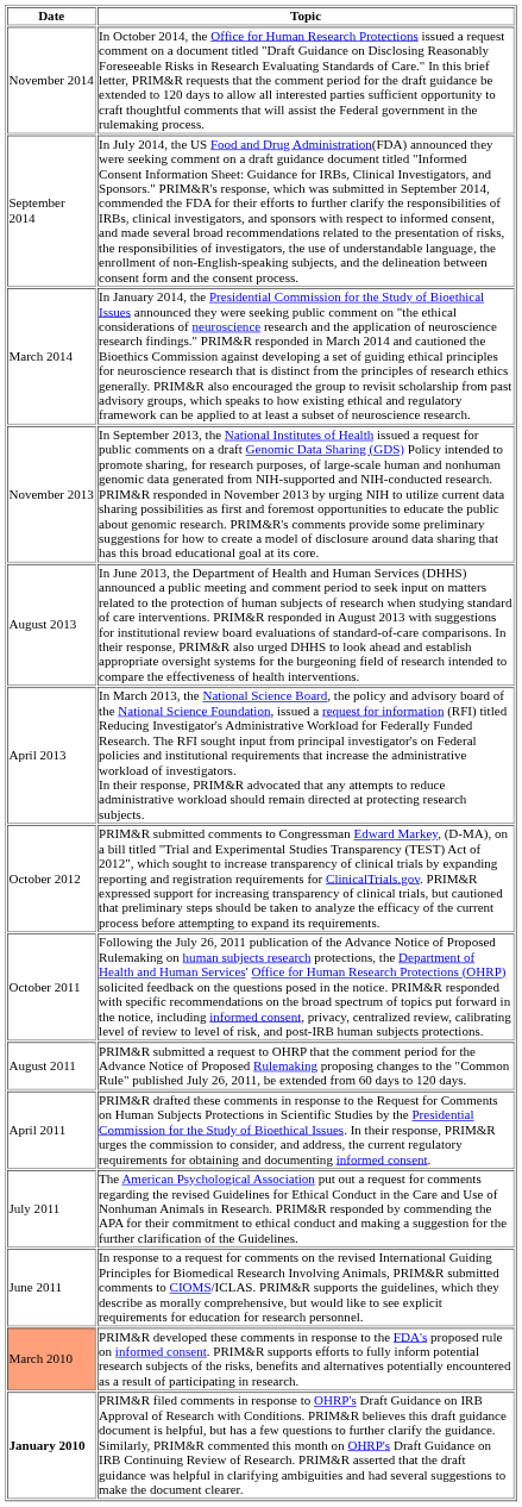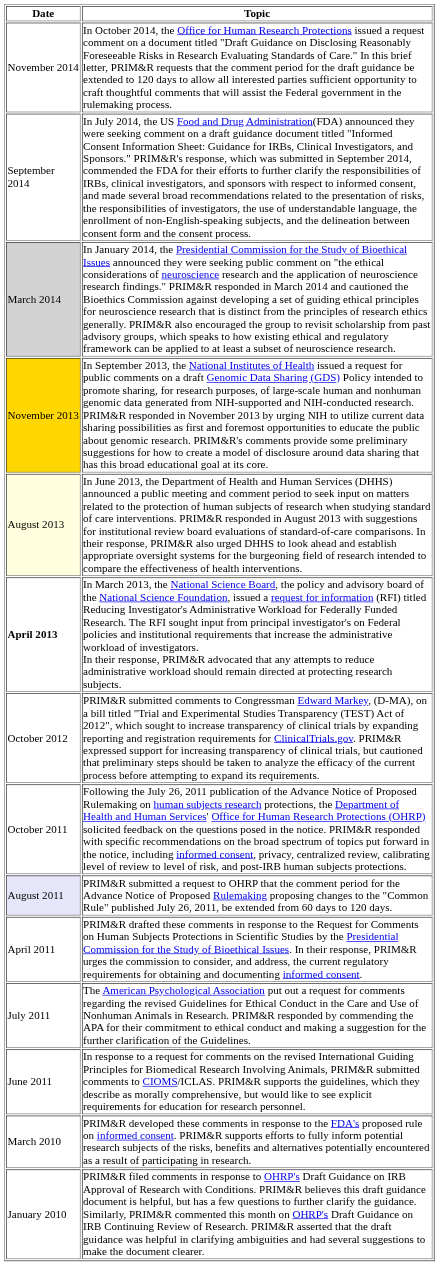 <table "class=wikitable sortable" border="1">
 <tr>
 <th scope="col">Date</th>
 <th scope="col">Topic</th>
 </tr>
 <tr>
 <td style=white-space:nowrap>November 2014</td>
 <td>In October 2014, the <a href='#'>Office for Human Research Protections</a> issued a request comment on a document titled "Draft Guidance on Disclosing Reasonably Foreseeable Risks in Research Evaluating Standards of Care." In this brief letter, PRIM&R requests that the comment period for the draft guidance be extended to 120 days to allow all interested parties sufficient opportunity to craft thoughtful comments that will assist the Federal government in the rulemaking process.</td>
 </tr>
 <tr>
 <td>September 2014</td>
 <td>In July 2014, the US <a href='#'>Food and Drug Administration</a>(FDA) announced they were seeking comment on a draft guidance document titled "Informed Consent Information Sheet: Guidance for IRBs, Clinical Investigators, and Sponsors." PRIM&R's response, which was submitted in September 2014, commended the FDA for their efforts to further clarify the responsibilities of IRBs, clinical investigators, and sponsors with respect to informed consent, and made several broad recommendations related to the presentation of risks, the responsibilities of investigators, the use of understandable language, the enrollment of non-English-speaking subjects, and the delineation between consent form and the consent process.</td>
 </tr>
 <tr>
-<td>March 2014</td>
+<td style="background: lightgrey;">March 2014</td>
 <td>In January 2014, the <a href='#'>Presidential Commission for the Study of Bioethical Issues</a> announced they were seeking public comment on "the ethical considerations of <a href='#'>neuroscience</a> research and the application of neuroscience research findings." PRIM&R responded in March 2014 and cautioned the Bioethics Commission against developing a set of guiding ethical principles for neuroscience research that is distinct from the principles of research ethics generally. PRIM&R also encouraged the group to revisit scholarship from past advisory groups, which speaks to how existing ethical and regulatory framework can be applied to at least a subset of neuroscience research.</td>
 </tr>
 <tr>
-<td>November 2013</td>
+<td style="background: gold;">November 2013</td>
 <td>In September 2013, the <a href='#'>National Institutes of Health</a> issued a request for public comments on a draft <a href='#'>Genomic Data Sharing (GDS)</a> Policy intended to promote sharing, for research purposes, of large-scale human and nonhuman genomic data generated from NIH-supported and NIH-conducted research. PRIM&R responded in November 2013 by urging NIH to utilize current data sharing possibilities as first and foremost opportunities to educate the public about genomic research. PRIM&R's comments provide some preliminary suggestions for how to create a model of disclosure around data sharing that has this broad educational goal at its core.</td>
 </tr>
 <tr>
-<td>August 2013</td>
+<td style="background: lightyellow;">August 2013</td>
 <td>In June 2013, the Department of Health and Human Services (DHHS) announced a public meeting and comment period to seek input on matters related to the protection of human subjects of research when studying standard of care interventions. PRIM&R responded in August 2013 with suggestions for institutional review board evaluations of standard-of-care comparisons. In their response, PRIM&R also urged DHHS to look ahead and establish appropriate oversight systems for the burgeoning field of research intended to compare the effectiveness of health interventions.</td>
 </tr>
 <tr>
-<td>April 2013</td>
+<td><strong>April 2013</strong></td>
 <td>In March 2013, the <a href='#'>National Science Board</a>, the policy and advisory board of the <a href='#'>National Science Foundation</a>, issued a <a href='#'>request for information</a> (RFI) titled Reducing Investigator's Administrative Workload for Federally Funded Research. The RFI sought input from principal investigator's on Federal policies and institutional requirements that increase the administrative workload of investigators.<br>In their response, PRIM&R advocated that any attempts to reduce administrative workload should remain directed at protecting research subjects.</td>
 </tr>
 <tr>
 <td>October 2012</td>
 <td>PRIM&R submitted comments to Congressman <a href='#'>Edward Markey</a>, (D-MA), on a bill titled "Trial and Experimental Studies Transparency (TEST) Act of 2012", which sought to increase transparency of clinical trials by expanding reporting and registration requirements for <a href='#'>ClinicalTrials.gov</a>. PRIM&R expressed support for increasing transparency of clinical trials, but cautioned that preliminary steps should be taken to analyze the efficacy of the current process before attempting to expand its requirements.</td>
 </tr>
 <tr>
 <td>October 2011</td>
 <td>Following the July 26, 2011 publication of the Advance Notice of Proposed Rulemaking on <a href='#'>human subjects research</a> protections, the <a href='#'>Department of Health and Human Services</a>' <a href='#'>Office for Human Research Protections (OHRP)</a> solicited feedback on the questions posed in the notice. PRIM&R responded with specific recommendations on the broad spectrum of topics put forward in the notice, including <a href='#'>informed consent</a>, privacy, centralized review, calibrating level of review to level of risk, and post-IRB human subjects protections.</td>
 </tr>
 <tr>
-<td>August 2011</td>
+<td style="background: lavender;">August 2011</td>
 <td>PRIM&R submitted a request to OHRP that the comment period for the Advance Notice of Proposed <a href='#'>Rulemaking</a> proposing changes to the "Common Rule" published July 26, 2011, be extended from 60 days to 120 days.</td>
 </tr>
 <tr>
 <td>April 2011</td>
 <td>PRIM&R drafted these comments in response to the Request for Comments on Human Subjects Protections in Scientific Studies by the <a href='#'>Presidential Commission for the Study of Bioethical Issues</a>. In their response, PRIM&R urges the commission to consider, and address, the current regulatory requirements for obtaining and documenting <a href='#'>informed consent</a>.</td>
 </tr>
 <tr>
 <td>July 2011</td>
 <td>The <a href='#'>American Psychological Association</a> put out a request for comments regarding the revised Guidelines for Ethical Conduct in the Care and Use of Nonhuman Animals in Research. PRIM&R responded by commending the APA for their commitment to ethical conduct and making a suggestion for the further clarification of the Guidelines.</td>
 </tr>
 <tr>
 <td>June 2011</td>
 <td>In response to a request for comments on the revised International Guiding Principles for Biomedical Research Involving Animals, PRIM&R submitted comments to <a href='#'>CIOMS</a>/ICLAS. PRIM&R supports the guidelines, which they describe as morally comprehensive, but would like to see explicit requirements for education for research personnel.</td>
 </tr>
 <tr>
-<td style="background: lightsalmon;">March 2010</td>
+<td>March 2010</td>
 <td>PRIM&R developed these comments in response to the <a href='#'>FDA's</a> proposed rule on <a href='#'>informed consent</a>. PRIM&R supports efforts to fully inform potential research subjects of the risks, benefits and alternatives potentially encountered as a result of participating in research.</td>
 </tr>
 <tr>
-<td><strong>January 2010</strong></td>
+<td>January 2010</td>
 <td>PRIM&R filed comments in response to <a href='#'>OHRP's</a> Draft Guidance on IRB Approval of Research with Conditions. PRIM&R believes this draft guidance document is helpful, but has a few questions to further clarify the guidance. Similarly, PRIM&R commented this month on <a href='#'>OHRP's</a> Draft Guidance on IRB Continuing Review of Research. PRIM&R asserted that the draft guidance was helpful in clarifying ambiguities and had several suggestions to make the document clearer.</td>
 </tr>
 </table>
